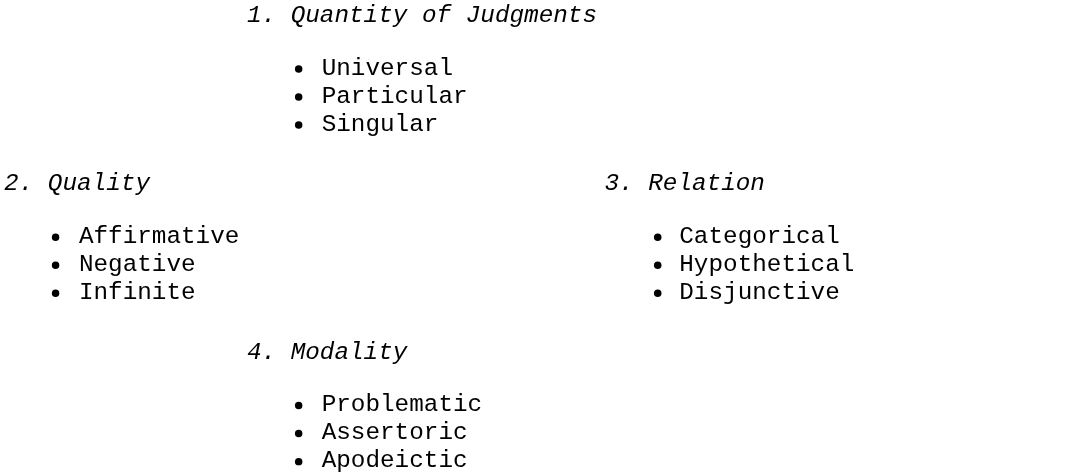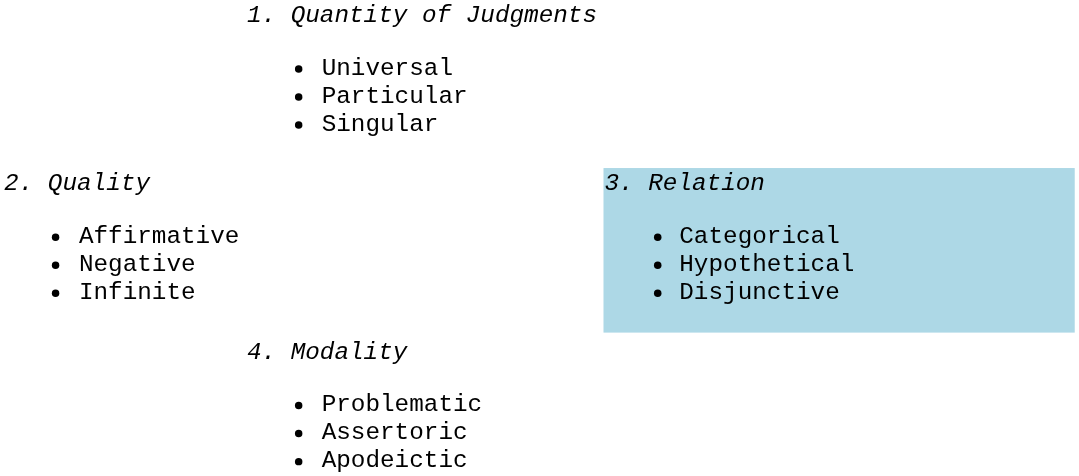 <table style="margin:1em auto;">
 <tr>
 <td></td>
 <td><em>1. Quantity of Judgments</em><br><ul><li>Universal</li><li>Particular</li><li>Singular</li></ul></td>
 <td></td>
 </tr>
 <tr>
 <td><em>2. Quality</em><br><ul><li>Affirmative</li><li>Negative</li><li>Infinite</li></ul></td>
 <td></td>
-<td width=250><em>3. Relation</em><br><ul><li>Categorical</li><li>Hypothetical</li><li>Disjunctive</li></ul></td>
+<td width=250 style="background: lightblue;"><em>3. Relation</em><br><ul><li>Categorical</li><li>Hypothetical</li><li>Disjunctive</li></ul></td>
 </tr>
 <tr>
 <td></td>
 <td><em>4. Modality</em><br><ul><li>Problematic</li><li>Assertoric</li><li>Apodeictic</li></ul></td>
 </tr>
 </table>
